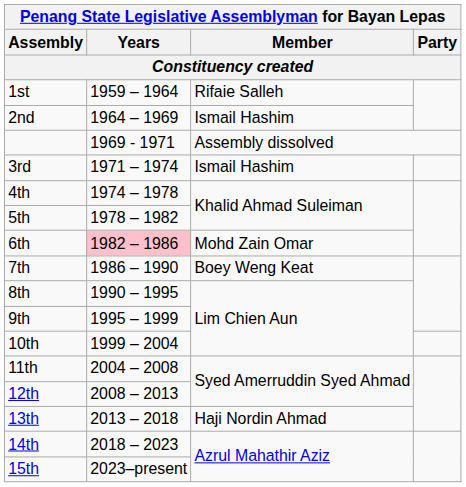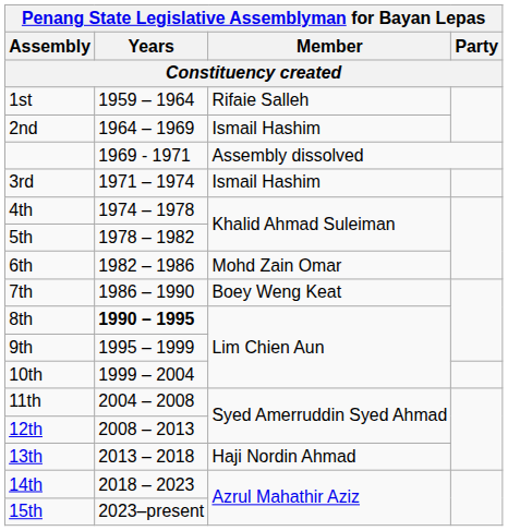 <table class="wikitable">
 <tr>
 <th colspan="4"><a href='#'>Penang State Legislative Assemblyman</a> for Bayan Lepas</th>
 </tr>
 <tr>
 <th>Assembly</th>
 <th>Years</th>
 <th>Member</th>
 <th>Party</th>
 </tr>
 <tr>
 <th colspan="4" align="center"><em>Constituency created</em></th>
 </tr>
 <tr>
 <td>1st</td>
 <td>1959 – 1964</td>
 <td>Rifaie Salleh</td>
 <td rowspan="2"></td>
 </tr>
 <tr>
 <td>2nd</td>
 <td>1964 – 1969</td>
 <td>Ismail Hashim</td>
 </tr>
 <tr>
 <td></td>
 <td>1969 - 1971</td>
 <td colspan="2">Assembly dissolved</td>
 </tr>
 <tr>
 <td>3rd</td>
 <td>1971 – 1974</td>
 <td>Ismail Hashim</td>
 <td></td>
 </tr>
 <tr>
 <td>4th</td>
 <td>1974 – 1978</td>
 <td rowspan="2">Khalid Ahmad Suleiman</td>
 <td rowspan="3"></td>
 </tr>
 <tr>
 <td>5th</td>
 <td>1978 – 1982</td>
 </tr>
 <tr>
 <td>6th</td>
-<td style="background: pink;">1982 – 1986</td>
+<td>1982 – 1986</td>
 <td>Mohd Zain Omar</td>
 </tr>
 <tr>
 <td>7th</td>
 <td>1986 – 1990</td>
 <td>Boey Weng Keat</td>
 <td rowspan="3"></td>
 </tr>
 <tr>
 <td>8th</td>
-<td>1990 – 1995</td>
+<td><strong>1990 – 1995</strong></td>
 <td rowspan="3">Lim Chien Aun</td>
 </tr>
 <tr>
 <td>9th</td>
 <td>1995 – 1999</td>
 </tr>
 <tr>
 <td>10th</td>
 <td>1999 – 2004</td>
 <td></td>
 </tr>
 <tr>
 <td>11th</td>
 <td>2004 – 2008</td>
 <td rowspan="2">Syed Amerruddin Syed Ahmad</td>
 <td rowspan="3"></td>
 </tr>
 <tr>
 <td><a href='#'>12th</a></td>
 <td>2008 – 2013</td>
 </tr>
 <tr>
 <td><a href='#'>13th</a></td>
 <td>2013 – 2018</td>
 <td>Haji Nordin Ahmad</td>
 </tr>
 <tr>
 <td><a href='#'>14th</a></td>
 <td>2018 – 2023</td>
 <td rowspan="2"><a href='#'>Azrul Mahathir Aziz</a></td>
 <td rowspan="2"></td>
 </tr>
 <tr>
 <td><a href='#'>15th</a></td>
 <td>2023–present</td>
 </tr>
 </table>
